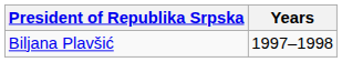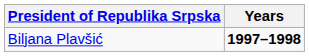 <table class="wikitable">
 <tr>
 <th><a href='#'>President of Republika Srpska</a></th>
 <th>Years</th>
 </tr>
 <tr>
 <td><a href='#'>Biljana Plavšić</a></td>
-<td>1997–1998</td>
+<td><strong>1997–1998</strong></td>
 </tr>
 </table>
